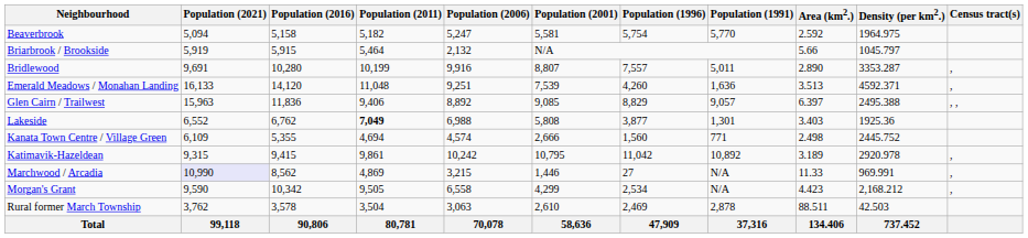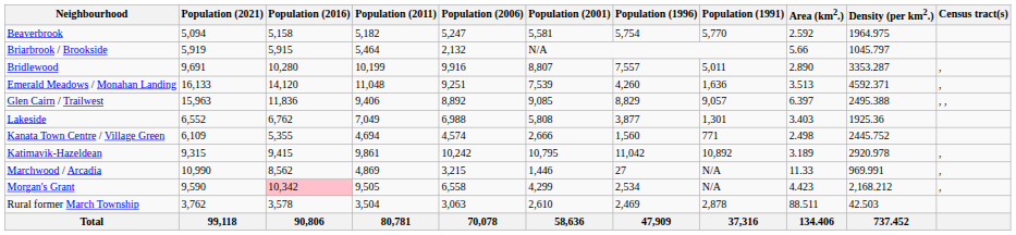 <table class="wikitable sortable">
 <tr>
 <th>Neighbourhood</th>
 <th>Population (2021)</th>
 <th>Population (2016)</th>
 <th>Population (2011)</th>
 <th>Population (2006)</th>
 <th>Population (2001)</th>
 <th>Population (1996)</th>
 <th>Population (1991)</th>
 <th>Area (km<sup>2</sup>.)</th>
 <th>Density (per km<sup>2</sup>.)</th>
 <th>Census tract(s)</th>
 </tr>
 <tr>
 <td><a href='#'>Beaverbrook</a></td>
 <td>5,094</td>
 <td>5,158</td>
 <td>5,182</td>
 <td>5,247</td>
 <td>5,581</td>
 <td>5,754</td>
 <td>5,770</td>
 <td>2.592</td>
 <td>1964.975</td>
 <td></td>
 </tr>
 <tr>
 <td><a href='#'>Briarbrook</a> / <a href='#'>Brookside</a></td>
 <td>5,919</td>
 <td>5,915</td>
 <td>5,464</td>
 <td>2,132</td>
 <td colspan="3">N/A</td>
 <td>5.66</td>
 <td>1045.797</td>
 <td></td>
 </tr>
 <tr>
 <td><a href='#'>Bridlewood</a></td>
 <td>9,691</td>
 <td>10,280</td>
 <td>10,199</td>
 <td>9,916</td>
 <td>8,807</td>
 <td>7,557</td>
 <td>5,011</td>
 <td>2.890</td>
 <td>3353.287</td>
 <td>, </td>
 </tr>
 <tr>
 <td><a href='#'>Emerald Meadows</a> / <a href='#'>Monahan Landing</a></td>
 <td>16,133</td>
 <td>14,120</td>
 <td>11,048</td>
 <td>9,251</td>
 <td>7,539</td>
 <td>4,260</td>
 <td>1,636</td>
 <td>3.513</td>
 <td>4592.371</td>
 <td>, </td>
 </tr>
 <tr>
 <td><a href='#'>Glen Cairn</a> / <a href='#'>Trailwest</a></td>
 <td>15,963</td>
 <td>11,836</td>
 <td>9,406</td>
 <td>8,892</td>
 <td>9,085</td>
 <td>8,829</td>
 <td>9,057</td>
 <td>6.397</td>
 <td>2495.388</td>
 <td>, , </td>
 </tr>
 <tr>
 <td><a href='#'>Lakeside</a></td>
 <td>6,552</td>
 <td>6,762</td>
-<td><strong>7,049</strong></td>
+<td>7,049</td>
 <td>6,988</td>
 <td>5,808</td>
 <td>3,877</td>
 <td>1,301</td>
 <td>3.403</td>
 <td>1925.36</td>
 <td></td>
 </tr>
 <tr>
 <td><a href='#'>Kanata Town Centre</a> / <a href='#'>Village Green</a></td>
 <td>6,109</td>
 <td>5,355</td>
 <td>4,694</td>
 <td>4,574</td>
 <td>2,666</td>
 <td>1,560</td>
 <td>771</td>
 <td>2.498</td>
 <td>2445.752</td>
 <td></td>
 </tr>
 <tr>
 <td><a href='#'>Katimavik-Hazeldean</a></td>
 <td>9,315</td>
 <td>9,415</td>
 <td>9,861</td>
 <td>10,242</td>
 <td>10,795</td>
 <td>11,042</td>
 <td>10,892</td>
 <td>3.189</td>
 <td>2920.978</td>
 <td>, </td>
 </tr>
 <tr>
 <td><a href='#'>Marchwood</a> / <a href='#'>Arcadia</a></td>
-<td style="background: lavender;">10,990</td>
+<td>10,990</td>
 <td>8,562</td>
 <td>4,869</td>
 <td>3,215</td>
 <td>1,446</td>
 <td>27</td>
 <td>N/A</td>
 <td>11.33</td>
 <td>969.991</td>
 <td>, </td>
 </tr>
 <tr>
 <td><a href='#'>Morgan's Grant</a></td>
 <td>9,590</td>
-<td>10,342</td>
+<td style="background: pink;">10,342</td>
 <td>9,505</td>
 <td>6,558</td>
 <td>4,299</td>
 <td>2,534</td>
 <td>N/A</td>
 <td>4.423</td>
 <td>2,168.212</td>
 <td>, </td>
 </tr>
 <tr>
 <td>Rural former <a href='#'>March Township</a></td>
 <td>3,762</td>
 <td>3,578</td>
 <td>3,504</td>
 <td>3,063</td>
 <td>2,610</td>
 <td>2,469</td>
 <td>2,878</td>
 <td>88.511</td>
 <td>42.503</td>
 <td></td>
 </tr>
 <tr>
 <th>Total</th>
 <th>99,118</th>
 <th>90,806</th>
 <th>80,781</th>
 <th>70,078</th>
 <th>58,636</th>
 <th>47,909</th>
 <th>37,316</th>
 <th>134.406</th>
 <th>737.452</th>
 <th></th>
 </tr>
 </table>
